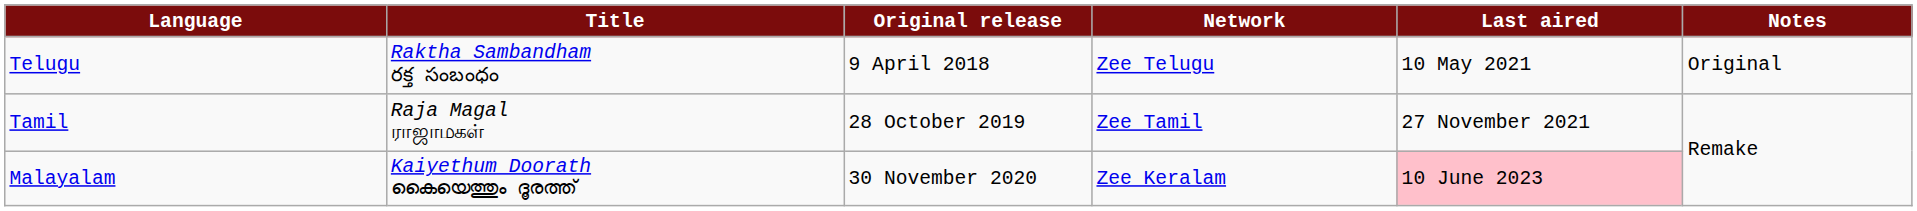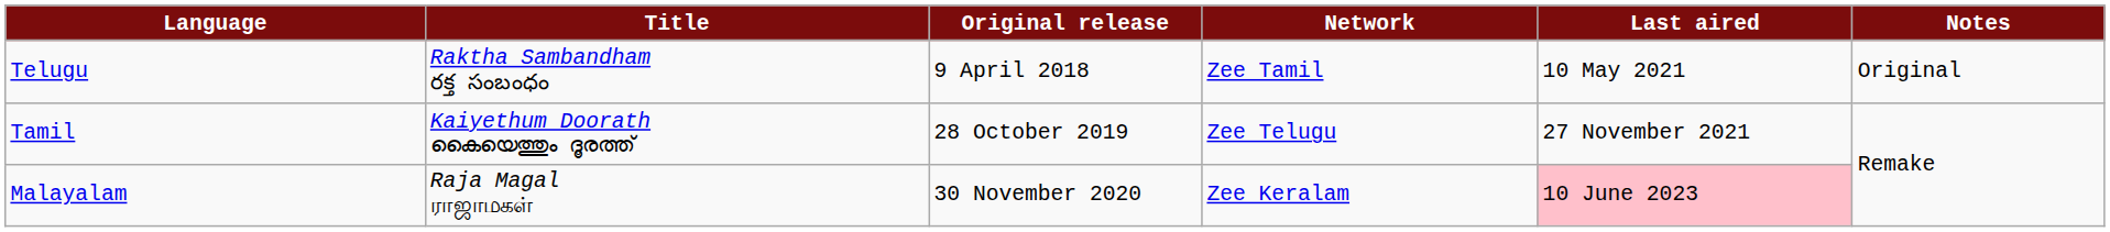 <table class="wikitable sortable" style="width:100%; margin-right: 0;">
 <tr style="color:white">
 <th style="background:#7b0c0c; width:20%;">Language</th>
 <th style="background:#7b0c0c; width:24%;">Title</th>
 <th style="background:#7b0c0c; width:13%;">Original release</th>
 <th style="background:#7b0c0c; width:16%;">Network</th>
 <th style="background:#7b0c0c; width:15%;">Last aired</th>
 <th style="background:#7b0c0c; width:17%;">Notes</th>
 </tr>
 <tr>
 <td><a href='#'>Telugu</a></td>
 <td><em><a href='#'>Raktha Sambandham</a></em> <br> రక్త సంబంధం</td>
 <td>9 April 2018</td>
-<td><a href='#'>Zee Telugu</a></td>
+<td><a href='#'>Zee Tamil</a></td>
 <td>10 May 2021</td>
 <td>Original</td>
 </tr>
 <tr>
 <td><a href='#'>Tamil</a></td>
-<td><em>Raja Magal</em> <br> ராஜாமகள்</td>
+<td><em><a href='#'>Kaiyethum Doorath</a></em> <br> കൈയെത്തും ദൂരത്ത്</td>
 <td>28 October 2019</td>
-<td><a href='#'>Zee Tamil</a></td>
+<td><a href='#'>Zee Telugu</a></td>
 <td>27 November 2021</td>
 <td rowspan="2">Remake</td>
 </tr>
 <tr>
 <td><a href='#'>Malayalam</a></td>
-<td><em><a href='#'>Kaiyethum Doorath</a></em> <br> കൈയെത്തും ദൂരത്ത്</td>
+<td><em>Raja Magal</em> <br> ராஜாமகள்</td>
 <td>30 November 2020</td>
 <td><a href='#'>Zee Keralam</a></td>
 <td style="background: pink;">10 June 2023</td>
 </tr>
 </table>
